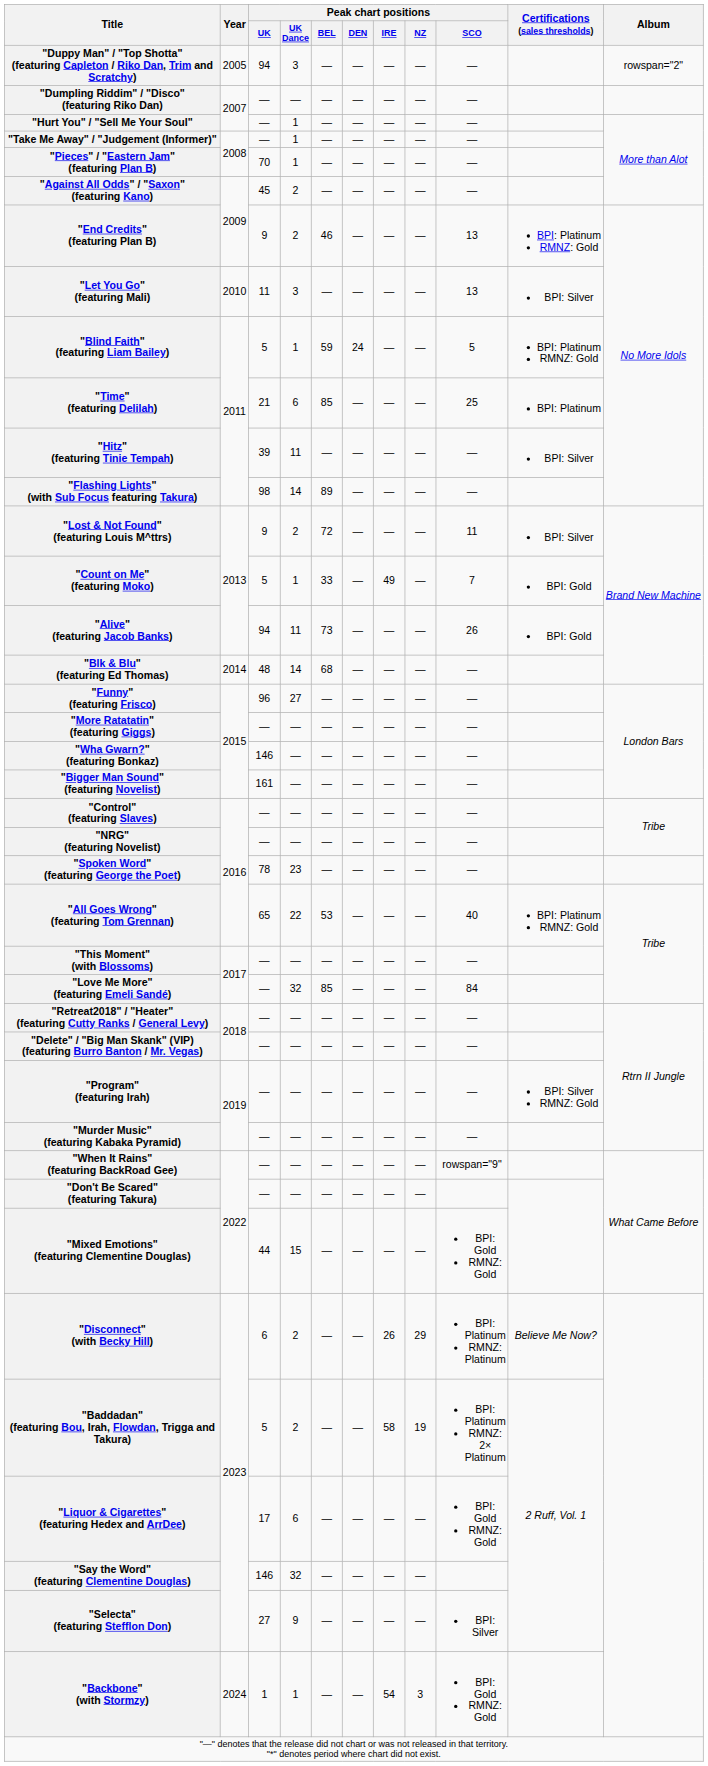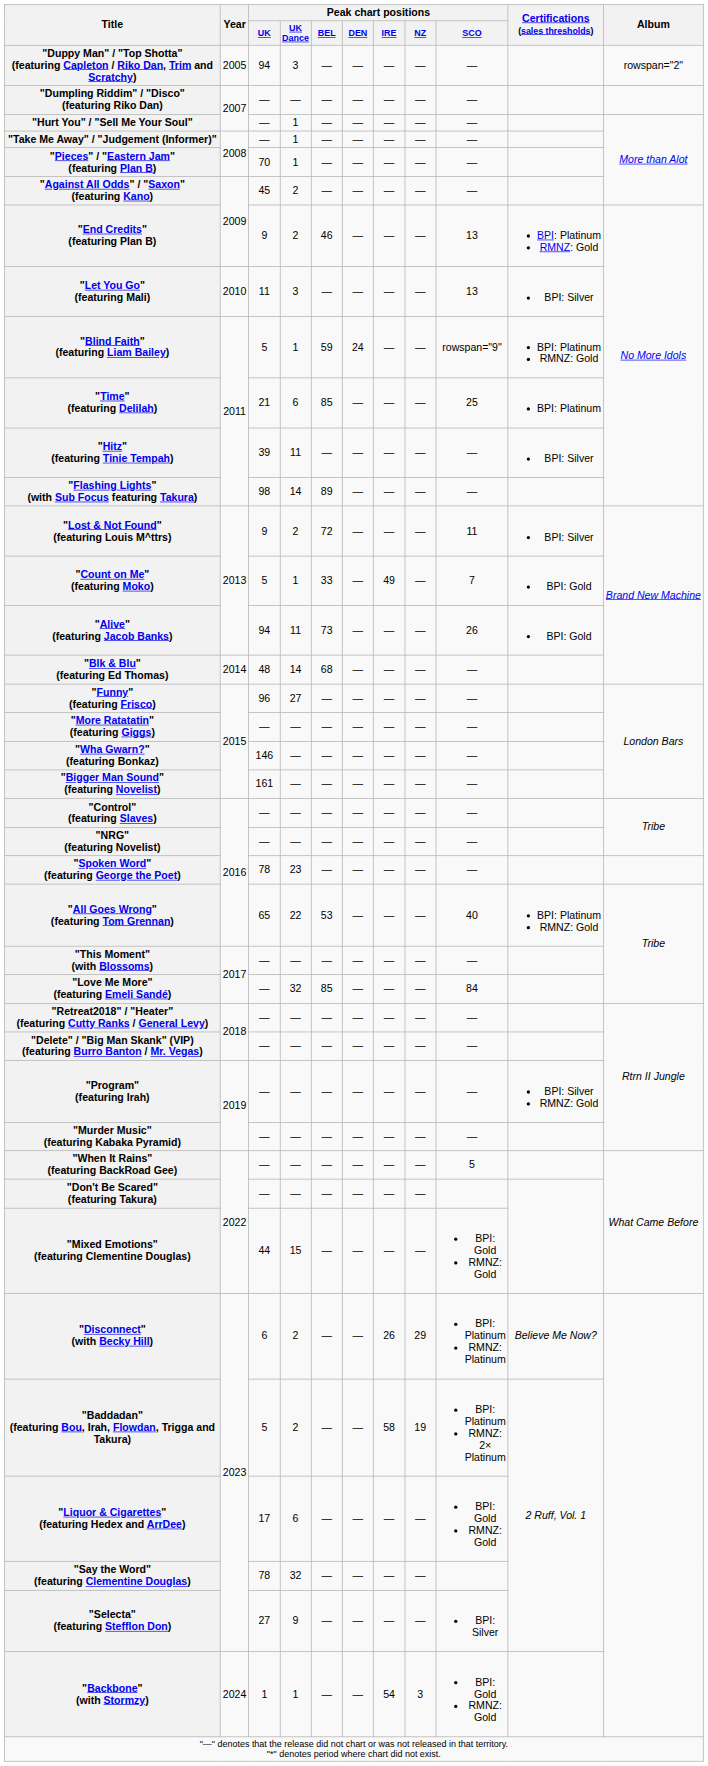 <table class="wikitable plainrowheaders" style="text-align:center;">
 <tr>
 <th scope="col" rowspan="2" style="width:20em;">Title</th>
 <th scope="col" rowspan="2" style="width:1em;">Year</th>
 <th scope="col" colspan="7">Peak chart positions</th>
 <th scope="col" rowspan="2"><a href='#'>Certifications</a><br><small>(<a href='#'>sales thresholds</a>)</small></th>
 <th scope="col" rowspan="2">Album</th>
 </tr>
 <tr>
 <th scope="col" style="width:3em;font-size:85%;"><a href='#'>UK</a><br></th>
 <th scope="col" style="width:3em;font-size:85%;"><a href='#'>UK Dance</a><br></th>
 <th scope="col" style="width:3em;font-size:85%;"><a href='#'>BEL</a><br></th>
 <th scope="col" style="width:3em;font-size:85%;"><a href='#'>DEN</a><br></th>
 <th scope="col" style="width:3em;font-size:85%;"><a href='#'>IRE</a><br></th>
 <th scope="col" style="width:3em;font-size:85%;"><a href='#'>NZ</a><br></th>
 <th scope="col" style="width:3em;font-size:85%;"><a href='#'>SCO</a><br></th>
 </tr>
 <tr>
 <th scope="row">"Duppy Man" / "Top Shotta"<br><span>(featuring <a href='#'>Capleton</a> / <a href='#'>Riko Dan</a>, <a href='#'>Trim</a> and <a href='#'>Scratchy</a>)</span></th>
 <td>2005</td>
 <td>94</td>
 <td>3</td>
 <td>—</td>
 <td>—</td>
 <td>—</td>
 <td>—</td>
 <td>—</td>
 <td></td>
 <td>rowspan="2" </td>
 </tr>
 <tr>
 <th scope="row">"Dumpling Riddim" / "Disco"<br><span>(featuring Riko Dan)</span></th>
 <td rowspan="2">2007</td>
 <td>—</td>
 <td>—</td>
 <td>—</td>
 <td>—</td>
 <td>—</td>
 <td>—</td>
 <td>—</td>
 <td></td>
 </tr>
 <tr>
 <th scope="row">"Hurt You" / "Sell Me Your Soul"</th>
 <td>—</td>
 <td>1</td>
 <td>—</td>
 <td>—</td>
 <td>—</td>
 <td>—</td>
 <td>—</td>
 <td></td>
 <td rowspan="4"><em><a href='#'>More than Alot</a></em></td>
 </tr>
 <tr>
 <th scope="row">"Take Me Away" / "Judgement (Informer)"</th>
 <td rowspan="2">2008</td>
 <td>—</td>
 <td>1</td>
 <td>—</td>
 <td>—</td>
 <td>—</td>
 <td>—</td>
 <td>—</td>
 <td></td>
 </tr>
 <tr>
 <th scope="row">"<a href='#'>Pieces</a>" / "<a href='#'>Eastern Jam</a>"<br><span>(featuring <a href='#'>Plan B</a>)</span></th>
 <td>70</td>
 <td>1</td>
 <td>—</td>
 <td>—</td>
 <td>—</td>
 <td>—</td>
 <td>—</td>
 <td></td>
 </tr>
 <tr>
 <th scope="row">"<a href='#'>Against All Odds</a>" / "<a href='#'>Saxon</a>"<br><span>(featuring <a href='#'>Kano</a>)</span></th>
 <td rowspan="2">2009</td>
 <td>45</td>
 <td>2</td>
 <td>—</td>
 <td>—</td>
 <td>—</td>
 <td>—</td>
 <td>—</td>
 <td></td>
 </tr>
 <tr>
 <th scope="row">"<a href='#'>End Credits</a>"<br><span>(featuring Plan B)</span></th>
 <td>9</td>
 <td>2</td>
 <td>46</td>
 <td>—</td>
 <td>—</td>
 <td>—</td>
 <td>13</td>
 <td><br><ul><li><a href='#'>BPI</a>: Platinum</li><li><a href='#'>RMNZ</a>: Gold</li></ul></td>
 <td rowspan="6"><em><a href='#'>No More Idols</a></em></td>
 </tr>
 <tr>
 <th scope="row">"<a href='#'>Let You Go</a>"<br><span>(featuring Mali)</span></th>
 <td>2010</td>
 <td>11</td>
 <td>3</td>
 <td>—</td>
 <td>—</td>
 <td>—</td>
 <td>—</td>
 <td>13</td>
 <td><br><ul><li>BPI: Silver</li></ul></td>
 </tr>
 <tr>
 <th scope="row">"<a href='#'>Blind Faith</a>"<br><span>(featuring <a href='#'>Liam Bailey</a>)</span></th>
 <td rowspan="4">2011</td>
 <td>5</td>
 <td>1</td>
 <td>59</td>
 <td>24</td>
 <td>—</td>
 <td>—</td>
-<td>5</td>
+<td>rowspan="9" </td>
 <td><br><ul><li>BPI: Platinum</li><li>RMNZ: Gold</li></ul></td>
 </tr>
 <tr>
 <th scope="row">"<a href='#'>Time</a>"<br><span>(featuring <a href='#'>Delilah</a>)</span></th>
 <td>21</td>
 <td>6</td>
 <td>85</td>
 <td>—</td>
 <td>—</td>
 <td>—</td>
 <td>25</td>
 <td><br><ul><li>BPI: Platinum</li></ul></td>
 </tr>
 <tr>
 <th scope="row">"<a href='#'>Hitz</a>"<br><span>(featuring <a href='#'>Tinie Tempah</a>)</span></th>
 <td>39</td>
 <td>11</td>
 <td>—</td>
 <td>—</td>
 <td>—</td>
 <td>—</td>
 <td>—</td>
 <td><br><ul><li>BPI: Silver</li></ul></td>
 </tr>
 <tr>
 <th scope="row">"<a href='#'>Flashing Lights</a>"<br><span>(with <a href='#'>Sub Focus</a> featuring <a href='#'>Takura</a>)</span></th>
 <td>98</td>
 <td>14</td>
 <td>89</td>
 <td>—</td>
 <td>—</td>
 <td>—</td>
 <td>—</td>
 <td></td>
 </tr>
 <tr>
 <th scope="row">"<a href='#'>Lost & Not Found</a>"<br><span>(featuring Louis M^ttrs)</span></th>
 <td rowspan="3">2013</td>
 <td>9</td>
 <td>2</td>
 <td>72</td>
 <td>—</td>
 <td>—</td>
 <td>—</td>
 <td>11</td>
 <td><br><ul><li>BPI: Silver</li></ul></td>
 <td rowspan="4"><em><a href='#'>Brand New Machine</a></em></td>
 </tr>
 <tr>
 <th scope="row">"<a href='#'>Count on Me</a>"<br><span>(featuring <a href='#'>Moko</a>)</span></th>
 <td>5</td>
 <td>1</td>
 <td>33</td>
 <td>—</td>
 <td>49</td>
 <td>—</td>
 <td>7</td>
 <td><br><ul><li>BPI: Gold</li></ul></td>
 </tr>
 <tr>
 <th scope="row">"<a href='#'>Alive</a>"<br><span>(featuring <a href='#'>Jacob Banks</a>)</span></th>
 <td>94</td>
 <td>11</td>
 <td>73</td>
 <td>—</td>
 <td>—</td>
 <td>—</td>
 <td>26</td>
 <td><br><ul><li>BPI: Gold</li></ul></td>
 </tr>
 <tr>
 <th scope="row">"<a href='#'>Blk & Blu</a>"<br><span>(featuring Ed Thomas)</span></th>
 <td>2014</td>
 <td>48</td>
 <td>14</td>
 <td>68</td>
 <td>—</td>
 <td>—</td>
 <td>—</td>
 <td>—</td>
 <td></td>
 </tr>
 <tr>
 <th scope="row">"<a href='#'>Funny</a>"<br><span>(featuring <a href='#'>Frisco</a>)</span></th>
 <td rowspan="4">2015</td>
 <td>96</td>
 <td>27</td>
 <td>—</td>
 <td>—</td>
 <td>—</td>
 <td>—</td>
 <td>—</td>
 <td></td>
 <td rowspan="4"><em>London Bars</em></td>
 </tr>
 <tr>
 <th scope="row">"<a href='#'>More Ratatatin</a>"<br><span>(featuring <a href='#'>Giggs</a>)</span></th>
 <td>—</td>
 <td>—</td>
 <td>—</td>
 <td>—</td>
 <td>—</td>
 <td>—</td>
 <td>—</td>
 <td></td>
 </tr>
 <tr>
 <th scope="row">"<a href='#'>Wha Gwarn?</a>"<br><span>(featuring Bonkaz)</span></th>
 <td>146</td>
 <td>—</td>
 <td>—</td>
 <td>—</td>
 <td>—</td>
 <td>—</td>
 <td>—</td>
 <td></td>
 </tr>
 <tr>
 <th scope="row">"<a href='#'>Bigger Man Sound</a>"<br><span>(featuring <a href='#'>Novelist</a>)</span></th>
 <td>161</td>
 <td>—</td>
 <td>—</td>
 <td>—</td>
 <td>—</td>
 <td>—</td>
 <td>—</td>
 <td></td>
 </tr>
 <tr>
 <th scope="row">"Control"<br><span>(featuring <a href='#'>Slaves</a>)</span></th>
 <td rowspan="4">2016</td>
 <td>—</td>
 <td>—</td>
 <td>—</td>
 <td>—</td>
 <td>—</td>
 <td>—</td>
 <td>—</td>
 <td></td>
 <td rowspan="2"><em>Tribe</em></td>
 </tr>
 <tr>
 <th scope="row">"NRG"<br><span>(featuring Novelist)</span></th>
 <td>—</td>
 <td>—</td>
 <td>—</td>
 <td>—</td>
 <td>—</td>
 <td>—</td>
 <td>—</td>
 <td></td>
 </tr>
 <tr>
 <th scope="row">"<a href='#'>Spoken Word</a>"<br><span>(featuring <a href='#'>George the Poet</a>)</span></th>
 <td>78</td>
 <td>23</td>
 <td>—</td>
 <td>—</td>
 <td>—</td>
 <td>—</td>
 <td>—</td>
 <td></td>
 <td></td>
 </tr>
 <tr>
 <th scope="row">"<a href='#'>All Goes Wrong</a>"<br><span>(featuring <a href='#'>Tom Grennan</a>)</span></th>
 <td>65</td>
 <td>22</td>
 <td>53</td>
 <td>—</td>
 <td>—</td>
 <td>—</td>
 <td>40</td>
 <td><br><ul><li>BPI: Platinum</li><li>RMNZ: Gold</li></ul></td>
 <td rowspan="3"><em>Tribe</em></td>
 </tr>
 <tr>
 <th scope="row">"This Moment"<br><span>(with <a href='#'>Blossoms</a>)</span></th>
 <td rowspan="2">2017</td>
 <td>—</td>
 <td>—</td>
 <td>—</td>
 <td>—</td>
 <td>—</td>
 <td>—</td>
 <td>—</td>
 <td></td>
 </tr>
 <tr>
 <th scope="row">"Love Me More"<br><span>(featuring <a href='#'>Emeli Sandé</a>)</span></th>
 <td>—</td>
 <td>32</td>
 <td>85</td>
 <td>—</td>
 <td>—</td>
 <td>—</td>
 <td>84</td>
 <td></td>
 </tr>
 <tr>
 <th scope="row">"Retreat2018" / "Heater"<br><span>(featuring <a href='#'>Cutty Ranks</a> / <a href='#'>General Levy</a>)</span></th>
 <td rowspan="2">2018</td>
 <td>—</td>
 <td>—</td>
 <td>—</td>
 <td>—</td>
 <td>—</td>
 <td>—</td>
 <td>—</td>
 <td></td>
 <td rowspan="4"><em>Rtrn II Jungle</em></td>
 </tr>
 <tr>
 <th scope="row">"Delete" / "Big Man Skank" (VIP)<br><span>(featuring <a href='#'>Burro Banton</a> / <a href='#'>Mr. Vegas</a>)</span></th>
 <td>—</td>
 <td>—</td>
 <td>—</td>
 <td>—</td>
 <td>—</td>
 <td>—</td>
 <td>—</td>
 <td></td>
 </tr>
 <tr>
 <th scope="row">"Program"<br><span>(featuring Irah)</span></th>
 <td rowspan="2">2019</td>
 <td>—</td>
 <td>—</td>
 <td>—</td>
 <td>—</td>
 <td>—</td>
 <td>—</td>
 <td>—</td>
 <td><br><ul><li>BPI: Silver</li><li>RMNZ: Gold</li></ul></td>
 </tr>
 <tr>
 <th scope="row">"Murder Music"<br><span>(featuring Kabaka Pyramid)</span></th>
 <td>—</td>
 <td>—</td>
 <td>—</td>
 <td>—</td>
 <td>—</td>
 <td>—</td>
 <td>—</td>
 <td></td>
 </tr>
 <tr>
 <th scope="row">"When It Rains"<br><span>(featuring BackRoad Gee)</span></th>
 <td rowspan="3">2022</td>
 <td>—</td>
 <td>—</td>
 <td>—</td>
 <td>—</td>
 <td>—</td>
 <td>—</td>
-<td>rowspan="9" </td>
+<td>5</td>
 <td></td>
 <td rowspan="3"><em>What Came Before</em></td>
 </tr>
 <tr>
 <th scope="row">"Don't Be Scared"<br><span>(featuring Takura)</span></th>
 <td>—</td>
 <td>—</td>
 <td>—</td>
 <td>—</td>
 <td>—</td>
 <td>—</td>
 <td></td>
 </tr>
 <tr>
 <th scope="row">"Mixed Emotions"<br><span>(featuring Clementine Douglas)</span></th>
 <td>44</td>
 <td>15</td>
 <td>—</td>
 <td>—</td>
 <td>—</td>
 <td>—</td>
 <td><br><ul><li>BPI: Gold</li><li>RMNZ: Gold</li></ul></td>
 </tr>
 <tr>
 <th scope="row">"<a href='#'>Disconnect</a>"<br><span>(with <a href='#'>Becky Hill</a>)</span></th>
 <td rowspan="5">2023</td>
 <td>6</td>
 <td>2</td>
 <td>—</td>
 <td>—</td>
 <td>26</td>
 <td>29</td>
 <td><br><ul><li>BPI: Platinum</li><li>RMNZ: Platinum</li></ul></td>
 <td><em>Believe Me Now?</em></td>
 </tr>
 <tr>
 <th scope="row">"Baddadan"<br><span>(featuring <a href='#'>Bou</a>, Irah, <a href='#'>Flowdan</a>, Trigga and Takura)</span></th>
 <td>5</td>
 <td>2</td>
 <td>—</td>
 <td>—</td>
 <td>58</td>
 <td>19</td>
 <td><br><ul><li>BPI: Platinum</li><li>RMNZ: 2× Platinum</li></ul></td>
 <td rowspan="4"><em>2 Ruff, Vol. 1</em></td>
 </tr>
 <tr>
 <th scope="row">"<a href='#'>Liquor & Cigarettes</a>"<br><span>(featuring Hedex and <a href='#'>ArrDee</a>)</span></th>
 <td>17</td>
 <td>6</td>
 <td>—</td>
 <td>—</td>
 <td>—</td>
 <td>—</td>
 <td><br><ul><li>BPI: Gold</li><li>RMNZ: Gold</li></ul></td>
 </tr>
 <tr>
 <th scope="row">"Say the Word"<br><span>(featuring <a href='#'>Clementine Douglas</a>)</span></th>
-<td>146</td>
+<td>78</td>
 <td>32</td>
 <td>—</td>
 <td>—</td>
 <td>—</td>
 <td>—</td>
 <td></td>
 </tr>
 <tr>
 <th scope="row">"Selecta"<br><span>(featuring <a href='#'>Stefflon Don</a>)</span></th>
 <td>27</td>
 <td>9</td>
 <td>—</td>
 <td>—</td>
 <td>—</td>
 <td>—</td>
 <td><br><ul><li>BPI: Silver</li></ul></td>
 </tr>
 <tr>
 <th scope="row">"<a href='#'>Backbone</a>"<br><span>(with <a href='#'>Stormzy</a>)</span></th>
 <td>2024</td>
 <td>1</td>
 <td>1</td>
 <td>—</td>
 <td>—</td>
 <td>54</td>
 <td>3</td>
 <td><br><ul><li>BPI: Gold</li><li>RMNZ: Gold</li></ul></td>
 <td></td>
 </tr>
 <tr>
 <td colspan="20" style="font-size:85%">"—" denotes that the release did not chart or was not released in that territory.<br>"*" denotes period where chart did not exist.</td>
 </tr>
 </table>
